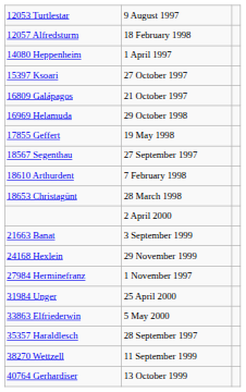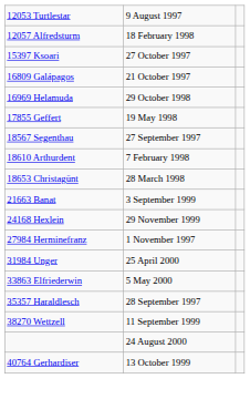 <table class="wikitable" style="font-size: 89%; float: left; width: 25em; margin-right: 1em; line-height: 1.65em !important; height: 540px;">
 <tr>
 <td><a href='#'>12053 Turtlestar</a></td>
 <td>9 August 1997</td>
 <td> </td>
 </tr>
 <tr>
 <td><a href='#'>12057 Alfredsturm</a></td>
 <td>18 February 1998</td>
-<td> </td>
-</tr>
-<tr>
-<td><a href='#'>14080 Heppenheim</a></td>
-<td>1 April 1997</td>
 <td> </td>
 </tr>
 <tr>
 <td><a href='#'>15397 Ksoari</a></td>
 <td>27 October 1997</td>
 <td> </td>
 </tr>
 <tr>
 <td><a href='#'>16809 Galápagos</a></td>
 <td>21 October 1997</td>
 <td> </td>
 </tr>
 <tr>
 <td><a href='#'>16969 Helamuda</a></td>
 <td>29 October 1998</td>
 <td> </td>
 </tr>
 <tr>
 <td><a href='#'>17855 Geffert</a></td>
 <td>19 May 1998</td>
 <td> </td>
 </tr>
 <tr>
 <td><a href='#'>18567 Segenthau</a></td>
 <td>27 September 1997</td>
 <td> </td>
 </tr>
 <tr>
 <td><a href='#'>18610 Arthurdent</a></td>
 <td>7 February 1998</td>
 <td> </td>
 </tr>
 <tr>
 <td><a href='#'>18653 Christagünt</a></td>
 <td>28 March 1998</td>
 <td> </td>
 </tr>
 <tr>
-<td></td>
-<td>2 April 2000</td>
-<td> </td>
-</tr>
-<tr>
 <td><a href='#'>21663 Banat</a></td>
 <td>3 September 1999</td>
 <td> </td>
 </tr>
 <tr>
 <td><a href='#'>24168 Hexlein</a></td>
 <td>29 November 1999</td>
 <td> </td>
 </tr>
 <tr>
 <td><a href='#'>27984 Herminefranz</a></td>
 <td>1 November 1997</td>
 <td> </td>
 </tr>
 <tr>
 <td><a href='#'>31984 Unger</a></td>
 <td>25 April 2000</td>
 <td> </td>
 </tr>
 <tr>
 <td><a href='#'>33863 Elfriederwin</a></td>
 <td>5 May 2000</td>
 <td> </td>
 </tr>
 <tr>
 <td><a href='#'>35357 Haraldlesch</a></td>
 <td>28 September 1997</td>
 <td> </td>
 </tr>
 <tr>
 <td><a href='#'>38270 Wettzell</a></td>
 <td>11 September 1999</td>
 <td> </td>
 </tr>
 <tr>
+<td></td>
+<td>24 August 2000</td>
+<td> </td>
+</tr>
+<tr>
 <td><a href='#'>40764 Gerhardiser</a></td>
 <td>13 October 1999</td>
 <td> </td>
 </tr>
 </table>
